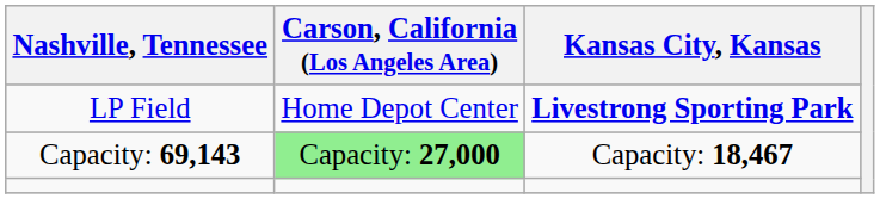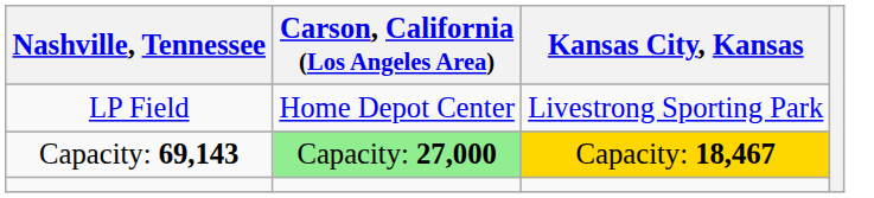 <table class=wikitable style="text-align:center"">
 <tr>
 <th><a href='#'>Nashville</a>, <a href='#'>Tennessee</a></th>
 <th><a href='#'>Carson</a>, <a href='#'>California</a><br><small>(<a href='#'>Los Angeles Area</a>)</small></th>
 <th><a href='#'>Kansas City</a>, <a href='#'>Kansas</a></th>
 <th colspan="1" rowspan="12"></th>
 </tr>
 <tr>
 <td><a href='#'>LP Field</a></td>
 <td><a href='#'>Home Depot Center</a></td>
-<td><strong><a href='#'>Livestrong Sporting Park</a></strong></td>
+<td><a href='#'>Livestrong Sporting Park</a></td>
 </tr>
 <tr>
 <td>Capacity: <strong>69,143</strong></td>
 <td style="background: lightgreen;">Capacity: <strong>27,000</strong></td>
-<td>Capacity: <strong>18,467</strong></td>
+<td style="background: gold;">Capacity: <strong>18,467</strong></td>
 </tr>
 <tr>
 <td></td>
 <td></td>
 <td></td>
 </tr>
 </table>
